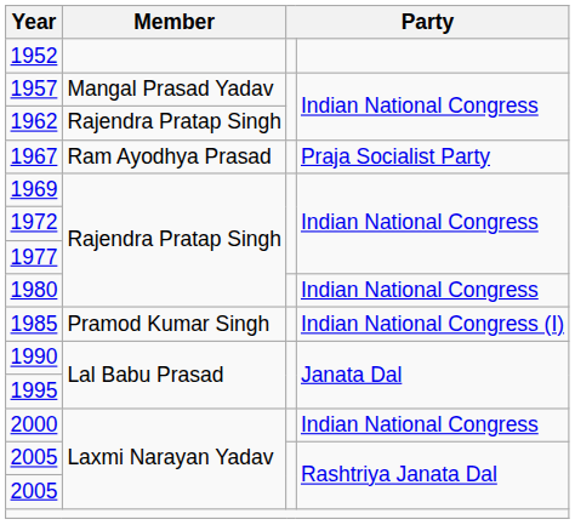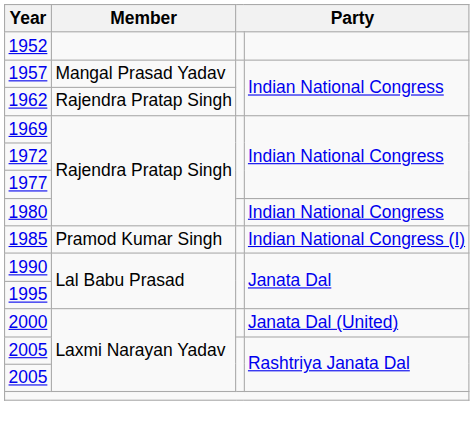 <table class="wikitable">
 <tr>
 <th>Year</th>
 <th>Member</th>
 <th colspan="2">Party</th>
 </tr>
 <tr>
 <td><a href='#'>1952</a></td>
 <td></td>
 <td></td>
 <td></td>
 </tr>
 <tr>
 <td><a href='#'>1957</a></td>
 <td>Mangal Prasad Yadav</td>
 <td rowspan="2" style="background-color: "></td>
 <td rowspan="2"><a href='#'>Indian National Congress</a></td>
 </tr>
 <tr>
 <td><a href='#'>1962</a></td>
 <td>Rajendra Pratap Singh</td>
-</tr>
-<tr>
-<td><a href='#'>1967</a></td>
-<td>Ram Ayodhya Prasad</td>
-<td style="background-color: "></td>
-<td><a href='#'>Praja Socialist Party</a></td>
 </tr>
 <tr>
 <td><a href='#'>1969</a></td>
 <td rowspan="4">Rajendra Pratap Singh</td>
 <td rowspan="3" style="background-color: "></td>
 <td rowspan="3"><a href='#'>Indian National Congress</a></td>
 </tr>
 <tr>
 <td><a href='#'>1972</a></td>
 </tr>
 <tr>
 <td><a href='#'>1977</a></td>
 </tr>
 <tr>
 <td><a href='#'>1980</a></td>
 <td style="background-color: "></td>
 <td><a href='#'>Indian National Congress</a></td>
 </tr>
 <tr>
 <td><a href='#'>1985</a></td>
 <td>Pramod Kumar Singh</td>
 <td style="background-color: "></td>
 <td><a href='#'>Indian National Congress (I)</a></td>
 </tr>
 <tr>
 <td><a href='#'>1990</a></td>
 <td rowspan="2">Lal Babu Prasad</td>
 <td rowspan="2" style="background-color: "></td>
 <td rowspan="2"><a href='#'>Janata Dal</a></td>
 </tr>
 <tr>
 <td><a href='#'>1995</a></td>
 </tr>
 <tr>
 <td><a href='#'>2000</a></td>
 <td rowspan="3">Laxmi Narayan Yadav</td>
 <td style="background-color: "></td>
-<td><a href='#'>Indian National Congress</a></td>
+<td><a href='#'>Janata Dal (United)</a></td>
 </tr>
 <tr>
 <td><a href='#'>2005</a></td>
 <td rowspan="2" style="background-color: "></td>
 <td rowspan="2"><a href='#'>Rashtriya Janata Dal</a></td>
 </tr>
 <tr>
 <td><a href='#'>2005</a></td>
 </tr>
 <tr>
 <td colspan="4"></td>
 </tr>
 </table>
